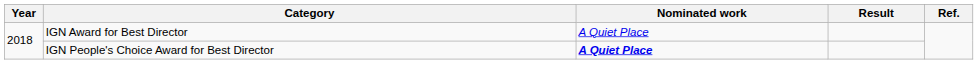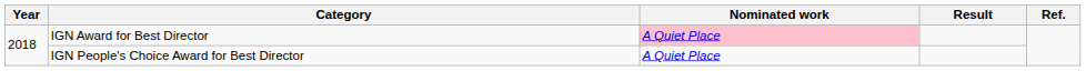 <table class="wikitable" style="width:85%;">
 <tr>
 <th style="width:4%;">Year</th>
 <th style="width:55%;">Category</th>
 <th style="width:26%;">Nominated work</th>
 <th style="width:10%;">Result</th>
 <th width=5%>Ref.</th>
 </tr>
 <tr>
 <td rowspan=2>2018</td>
 <td>IGN Award for Best Director</td>
-<td><em><a href='#'>A Quiet Place</a></em></td>
+<td style="background: pink;"><em><a href='#'>A Quiet Place</a></em></td>
 <td></td>
 <td rowspan="2" align="center"></td>
 </tr>
 <tr>
 <td>IGN People's Choice Award for Best Director</td>
-<td><strong><em><a href='#'>A Quiet Place</a></em></strong></td>
+<td><em><a href='#'>A Quiet Place</a></em></td>
 <td></td>
 </tr>
 </table>
